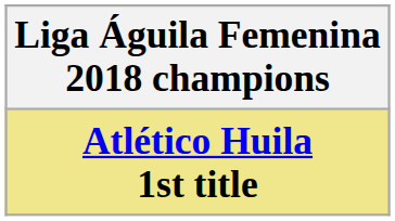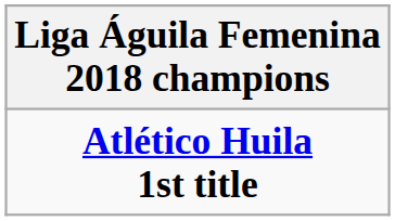 <table class="wikitable" style="text-align: center; margin: 0 auto;">
 <tr>
 <th>Liga Águila Femenina<br>2018 champions</th>
 </tr>
 <tr>
-<td style="background: khaki;"><strong><a href='#'>Atlético Huila</a></strong><br><strong>1st title</strong></td>
+<td><strong><a href='#'>Atlético Huila</a></strong><br><strong>1st title</strong></td>
 </tr>
 </table>
